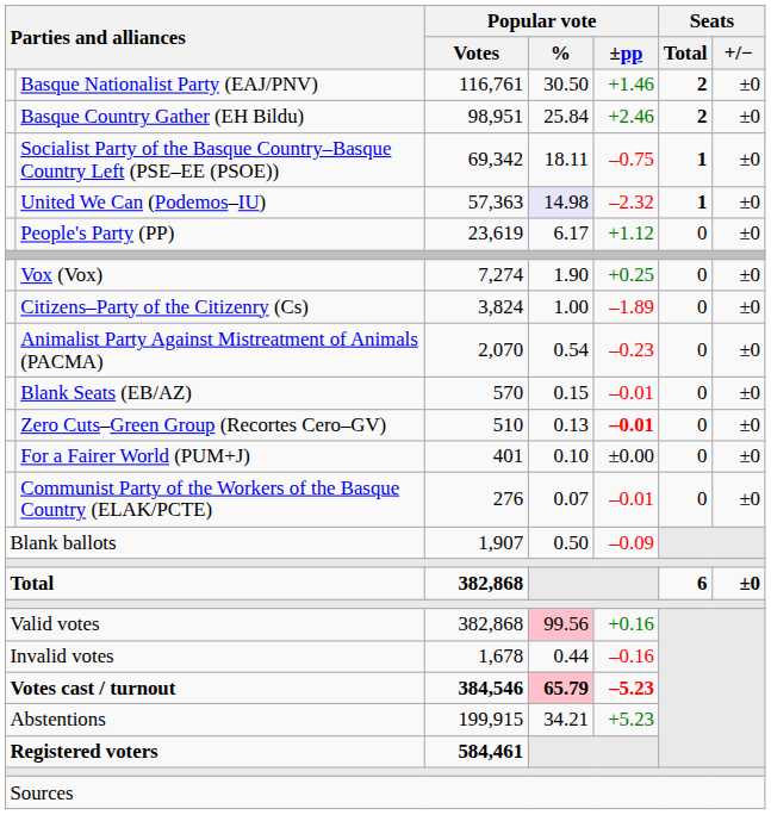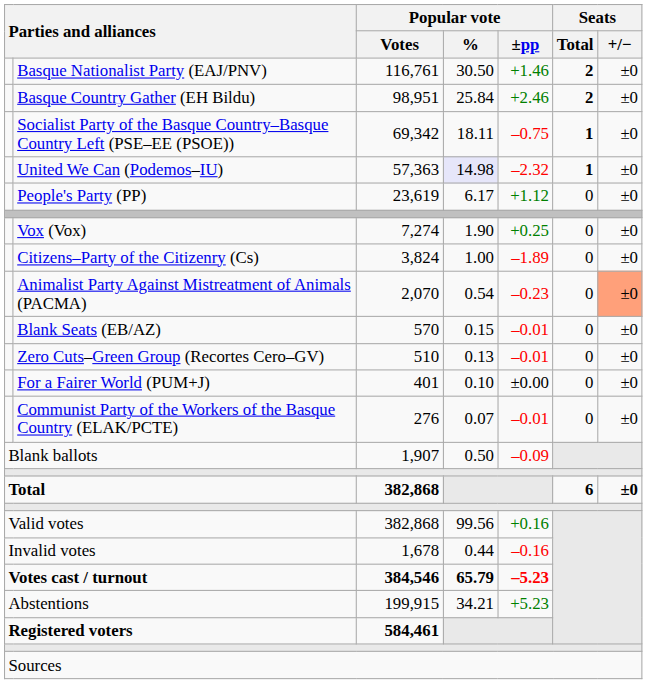 <table class="wikitable" style="text-align:right;">
 <tr>
 <th style="text-align:left;" rowspan="2" colspan="2" width="525">Parties and alliances</th>
 <th colspan="3">Popular vote</th>
 <th colspan="2">Seats</th>
 </tr>
 <tr>
 <th width="75">Votes</th>
 <th width="45">%</th>
 <th width="45">±<a href='#'>pp</a></th>
 <th width="35">Total</th>
 <th width="35">+/−</th>
 </tr>
 <tr>
 <td width="1" style="color:inherit;background:"></td>
 <td align="left"><a href='#'>Basque Nationalist Party</a> (EAJ/PNV)</td>
 <td>116,761</td>
 <td>30.50</td>
 <td style="color:green;">+1.46</td>
 <td><strong>2</strong></td>
 <td>±0</td>
 </tr>
 <tr>
 <td style="color:inherit;background:"></td>
 <td align="left"><a href='#'>Basque Country Gather</a> (EH Bildu)</td>
 <td>98,951</td>
 <td>25.84</td>
 <td style="color:green;">+2.46</td>
 <td><strong>2</strong></td>
 <td>±0</td>
 </tr>
 <tr>
 <td style="color:inherit;background:"></td>
 <td align="left"><a href='#'>Socialist Party of the Basque Country–Basque Country Left</a> (PSE–EE (PSOE))</td>
 <td>69,342</td>
 <td>18.11</td>
 <td style="color:red;">–0.75</td>
 <td><strong>1</strong></td>
 <td>±0</td>
 </tr>
 <tr>
 <td style="color:inherit;background:"></td>
 <td align="left"><a href='#'>United We Can</a> (<a href='#'>Podemos</a>–<a href='#'>IU</a>)</td>
 <td>57,363</td>
 <td style="background: lavender;">14.98</td>
 <td style="color:red;">–2.32</td>
 <td><strong>1</strong></td>
 <td>±0</td>
 </tr>
 <tr>
 <td style="color:inherit;background:"></td>
 <td align="left"><a href='#'>People's Party</a> (PP)</td>
 <td>23,619</td>
 <td>6.17</td>
 <td style="color:green;">+1.12</td>
 <td>0</td>
 <td>±0</td>
 </tr>
 <tr>
 <td colspan="7" bgcolor="#C0C0C0"></td>
 </tr>
 <tr>
 <td style="color:inherit;background:"></td>
 <td align="left"><a href='#'>Vox</a> (Vox)</td>
 <td>7,274</td>
 <td>1.90</td>
 <td style="color:green;">+0.25</td>
 <td>0</td>
 <td>±0</td>
 </tr>
 <tr>
 <td style="color:inherit;background:"></td>
 <td align="left"><a href='#'>Citizens–Party of the Citizenry</a> (Cs)</td>
 <td>3,824</td>
 <td>1.00</td>
 <td style="color:red;">–1.89</td>
 <td>0</td>
 <td>±0</td>
 </tr>
 <tr>
 <td style="color:inherit;background:"></td>
 <td align="left"><a href='#'>Animalist Party Against Mistreatment of Animals</a> (PACMA)</td>
 <td>2,070</td>
 <td>0.54</td>
 <td style="color:red;">–0.23</td>
 <td>0</td>
-<td>±0</td>
+<td style="background: lightsalmon;">±0</td>
 </tr>
 <tr>
 <td style="color:inherit;background:"></td>
 <td align="left"><a href='#'>Blank Seats</a> (EB/AZ)</td>
 <td>570</td>
 <td>0.15</td>
 <td style="color:red;">–0.01</td>
 <td>0</td>
 <td>±0</td>
 </tr>
 <tr>
 <td style="color:inherit;background:"></td>
 <td align="left"><a href='#'>Zero Cuts</a>–<a href='#'>Green Group</a> (Recortes Cero–GV)</td>
 <td>510</td>
 <td>0.13</td>
-<td style="color:red;"><strong>–0.01</strong></td>
+<td style="color:red;">–0.01</td>
 <td>0</td>
 <td>±0</td>
 </tr>
 <tr>
 <td style="color:inherit;background:"></td>
 <td align="left"><a href='#'>For a Fairer World</a> (PUM+J)</td>
 <td>401</td>
 <td>0.10</td>
 <td>±0.00</td>
 <td>0</td>
 <td>±0</td>
 </tr>
 <tr>
 <td style="color:inherit;background:"></td>
 <td align="left"><a href='#'>Communist Party of the Workers of the Basque Country</a> (ELAK/PCTE)</td>
 <td>276</td>
 <td>0.07</td>
 <td style="color:red;">–0.01</td>
 <td>0</td>
 <td>±0</td>
 </tr>
 <tr>
 <td align="left" colspan="2">Blank ballots</td>
 <td>1,907</td>
 <td>0.50</td>
 <td style="color:red;">–0.09</td>
 <td bgcolor="#E9E9E9" colspan="2"></td>
 </tr>
 <tr>
 <td colspan="7" bgcolor="#E9E9E9"></td>
 </tr>
 <tr style="font-weight:bold;">
 <td align="left" colspan="2">Total</td>
 <td>382,868</td>
 <td bgcolor="#E9E9E9" colspan="2"></td>
 <td>6</td>
 <td>±0</td>
 </tr>
 <tr>
 <td colspan="7" bgcolor="#E9E9E9"></td>
 </tr>
 <tr>
 <td align="left" colspan="2">Valid votes</td>
 <td>382,868</td>
-<td style="background: pink;">99.56</td>
+<td>99.56</td>
 <td style="color:green;">+0.16</td>
 <td bgcolor="#E9E9E9" colspan="2" rowspan="5"></td>
 </tr>
 <tr>
 <td align="left" colspan="2">Invalid votes</td>
 <td>1,678</td>
 <td>0.44</td>
 <td style="color:red;">–0.16</td>
 </tr>
 <tr style="font-weight:bold;">
 <td align="left" colspan="2">Votes cast / turnout</td>
 <td>384,546</td>
-<td style="background: pink;">65.79</td>
+<td>65.79</td>
 <td style="color:red;">–5.23</td>
 </tr>
 <tr>
 <td align="left" colspan="2">Abstentions</td>
 <td>199,915</td>
 <td>34.21</td>
 <td style="color:green;">+5.23</td>
 </tr>
 <tr style="font-weight:bold;">
 <td align="left" colspan="2">Registered voters</td>
 <td>584,461</td>
 <td bgcolor="#E9E9E9" colspan="2"></td>
 </tr>
 <tr>
 <td colspan="7" bgcolor="#E9E9E9"></td>
 </tr>
 <tr>
 <td align="left" colspan="7">Sources</td>
 </tr>
 </table>
